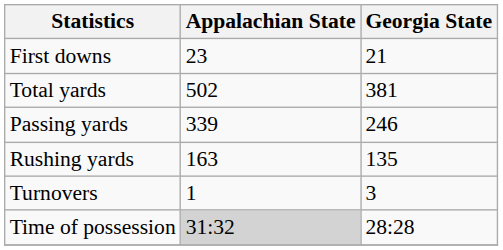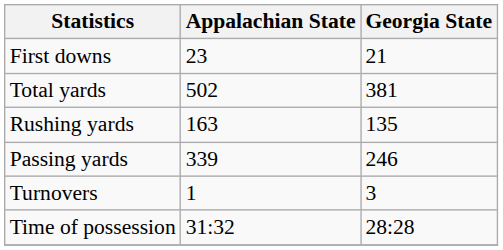 <table class="wikitable">
 <tr>
 <th>Statistics</th>
 <th>Appalachian State</th>
 <th>Georgia State</th>
 </tr>
 <tr>
 <td>First downs</td>
 <td>23</td>
 <td>21</td>
 </tr>
 <tr>
 <td>Total yards</td>
 <td>502</td>
 <td>381</td>
 </tr>
 <tr>
+<td>Rushing yards</td>
+<td>163</td>
+<td>135</td>
+</tr>
+<tr>
 <td>Passing yards</td>
 <td>339</td>
 <td>246</td>
-</tr>
-<tr>
-<td>Rushing yards</td>
-<td>163</td>
-<td>135</td>
 </tr>
 <tr>
 <td>Turnovers</td>
 <td>1</td>
 <td>3</td>
 </tr>
 <tr>
 <td>Time of possession</td>
-<td style="background: lightgrey;">31:32</td>
+<td>31:32</td>
 <td>28:28</td>
 </tr>
 <tr>
 </tr>
 </table>
